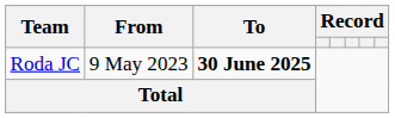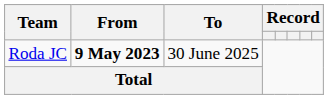 <table class="wikitable" style="text-align: center;">
 <tr>
 <th rowspan="2">Team</th>
 <th rowspan="2">From</th>
 <th rowspan="2">To</th>
 <th colspan="5">Record</th>
 </tr>
 <tr>
 <th></th>
 <th></th>
 <th></th>
 <th></th>
 <th></th>
 </tr>
 <tr>
 <td align="left"><a href='#'>Roda JC</a></td>
-<td align="left">9 May 2023</td>
-<td align="left"><strong>30 June 2025<br></strong></td>
+<td align="left"><strong>9 May 2023</strong></td>
+<td align="left">30 June 2025<br></td>
 </tr>
 <tr>
 <th colspan="3">Total<br></th>
 </tr>
 </table>
